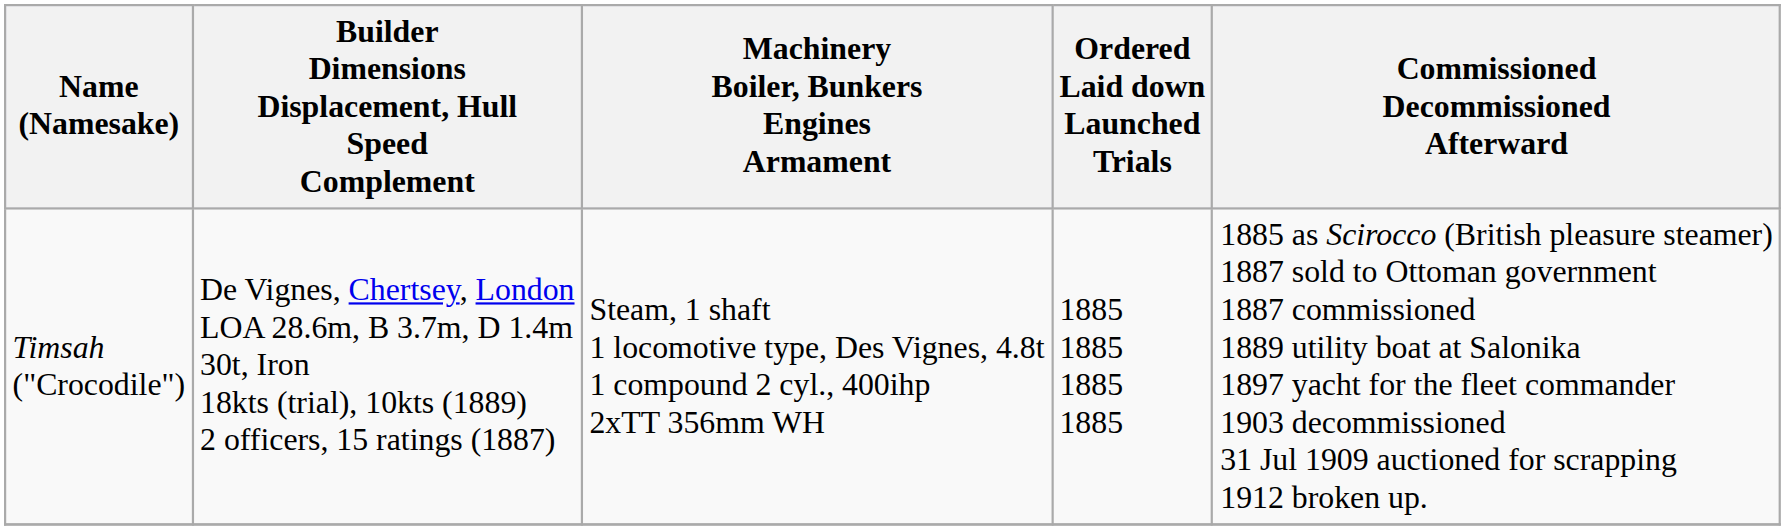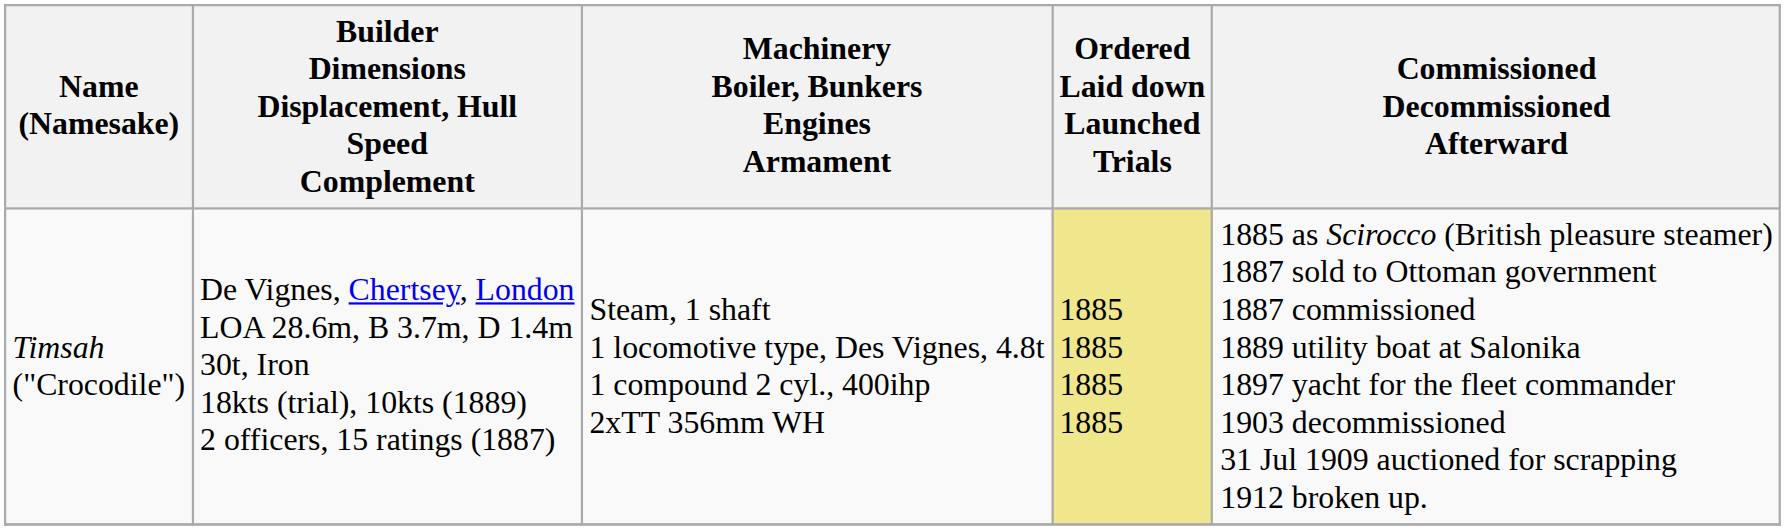 <table class="wikitable" style="font-size:90%;">
 <tr bgcolor="#e6e9ff">
 <th>Name<br>(Namesake)</th>
 <th>Builder<br>Dimensions<br>Displacement, Hull<br>Speed<br>Complement</th>
 <th>Machinery<br>Boiler, Bunkers<br>Engines<br>Armament</th>
 <th>Ordered<br>Laid down<br>Launched<br>Trials</th>
 <th>Commissioned<br>Decommissioned<br>Afterward</th>
 </tr>
 <tr ---->
 <td><em>Timsah</em><br>("Crocodile")</td>
 <td> De Vignes, <a href='#'>Chertsey</a>, <a href='#'>London</a><br>LOA 28.6m, B 3.7m, D 1.4m<br>30t, Iron<br>18kts (trial), 10kts (1889)<br>2 officers, 15 ratings (1887)</td>
 <td>Steam, 1 shaft<br>1 locomotive type, Des Vignes, 4.8t<br>1 compound 2 cyl., 400ihp<br>2xTT 356mm WH</td>
-<td>1885<br>1885<br>1885<br>1885</td>
+<td style="background: khaki;">1885<br>1885<br>1885<br>1885</td>
 <td>1885 as <em>Scirocco</em> (British pleasure steamer)<br>1887 sold to Ottoman government<br>1887 commissioned<br>1889 utility boat at Salonika<br>1897 yacht for the fleet commander<br>1903 decommissioned<br>31 Jul 1909 auctioned for scrapping<br>1912 broken up.</td>
 </tr>
 <tr ---->
 </tr>
 </table>
